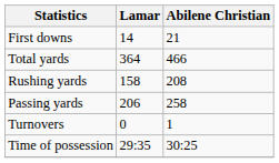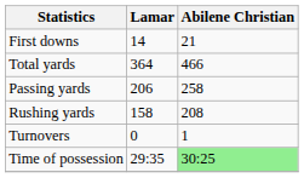 <table class="wikitable" style="float: left;">
 <tr>
 <th>Statistics</th>
 <th><strong>Lamar</strong></th>
 <th><strong>Abilene Christian</strong></th>
 </tr>
 <tr>
 <td>First downs</td>
 <td>14</td>
 <td>21</td>
 </tr>
 <tr>
 <td>Total yards</td>
 <td>364</td>
 <td>466</td>
 </tr>
 <tr>
+<td>Passing yards</td>
+<td>206</td>
+<td>258</td>
+</tr>
+<tr>
 <td>Rushing yards</td>
 <td>158</td>
 <td>208</td>
-</tr>
-<tr>
-<td>Passing yards</td>
-<td>206</td>
-<td>258</td>
 </tr>
 <tr>
 <td>Turnovers</td>
 <td>0</td>
 <td>1</td>
 </tr>
 <tr>
 <td>Time of possession</td>
 <td>29:35</td>
-<td>30:25</td>
+<td style="background: lightgreen;">30:25</td>
 </tr>
 <tr>
 </tr>
 </table>
